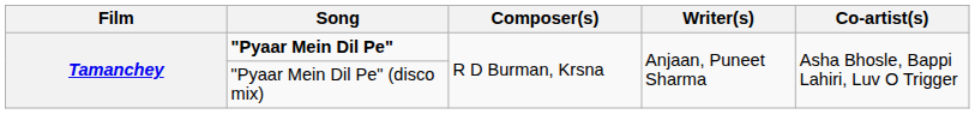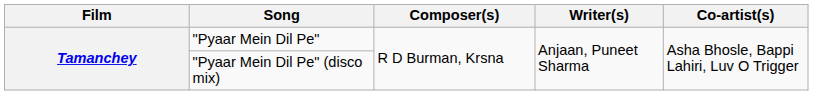 <table class="wikitable plainrowheaders" width="100%" textcolor:#000;">
 <tr style="background:#b0e0e66;">
 <th scope="col" width=23%><strong>Film</strong></th>
 <th scope="col" width=23%><strong>Song</strong></th>
 <th scope="col" width=20%><strong>Composer(s)</strong></th>
 <th scope="col" width=16%><strong>Writer(s)</strong></th>
 <th scope="col" width=18%><strong>Co-artist(s)</strong></th>
 </tr>
 <tr>
 <th rowspan=2><em><a href='#'>Tamanchey</a></em></th>
-<td><strong>"Pyaar Mein Dil Pe"</strong></td>
+<td>"Pyaar Mein Dil Pe"</td>
 <td rowspan=2>R D Burman, Krsna</td>
 <td rowspan=2>Anjaan, Puneet Sharma</td>
 <td rowspan=2>Asha Bhosle, Bappi Lahiri, Luv O Trigger</td>
 </tr>
 <tr>
 <td>"Pyaar Mein Dil Pe" (disco mix)</td>
 </tr>
 </table>
